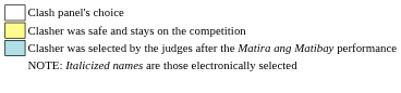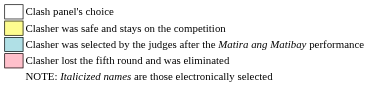 <table class="toccolours" style="white-space: nowrap;">
 <tr>
 <td style="background:white; border: 1px solid black;"> <strong></strong> </td>
 <td>Clash panel's choice</td>
 </tr>
 <tr>
 <td style="background:#fdfc8f; border: 1px solid black">    </td>
 <td>Clasher was safe and stays on the competition</td>
 </tr>
 <tr>
 <td style="background:#b0e0e6; border:1px solid black;">      </td>
 <td>Clasher was selected by the judges after the <em>Matira ang Matibay</em> performance</td>
 </tr>
 <tr>
+<td style="background:pink; border:1px solid black;">      </td>
+<td>Clasher lost the fifth round and was eliminated</td>
+</tr>
+<tr>
 <td style="background:none; border: 0px solid black">    </td>
 <td>NOTE: <em>Italicized names</em> are those electronically selected</td>
 </tr>
 </table>
